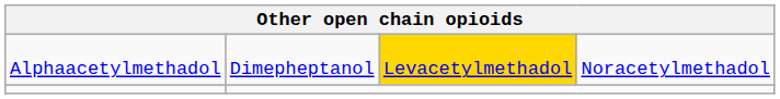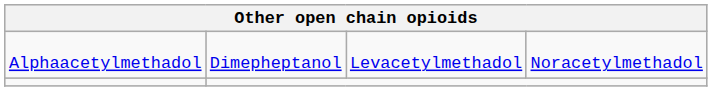 <table class="wikitable" style="font-size:smaller; text-align:center">
 <tr>
 <th colspan="5">Other open chain opioids</th>
 </tr>
 <tr>
 <td><br><a href='#'>Alphaacetylmethadol</a></td>
 <td><br><a href='#'>Dimepheptanol</a></td>
-<td style="background: gold;"><br><a href='#'>Levacetylmethadol</a></td>
+<td><br><a href='#'>Levacetylmethadol</a></td>
 <td><br><a href='#'>Noracetylmethadol</a></td>
 </tr>
 <tr>
 <td></td>
 </tr>
 </table>
